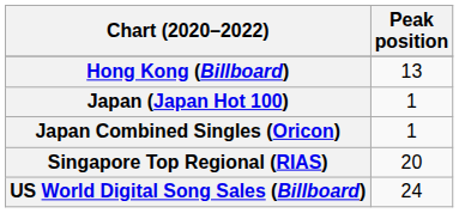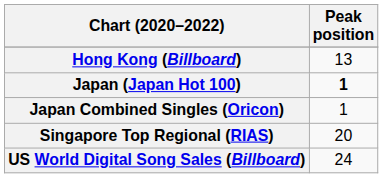 <table class="wikitable sortable plainrowheaders" style="text-align:center">
 <tr>
 <th scope="col">Chart (2020–2022)</th>
 <th scope="col">Peak<br>position</th>
 </tr>
 <tr>
 </tr>
 <tr>
 <th scope="row"><a href='#'>Hong Kong</a> (<em><a href='#'>Billboard</a></em>)</th>
 <td>13</td>
 </tr>
 <tr>
 <th scope="row">Japan (<a href='#'>Japan Hot 100</a>)</th>
-<td>1</td>
+<td><strong>1</strong></td>
 </tr>
 <tr>
 <th scope="row">Japan Combined Singles (<a href='#'>Oricon</a>)</th>
 <td>1</td>
 </tr>
 <tr>
 <th scope="row">Singapore Top Regional (<a href='#'>RIAS</a>)</th>
 <td>20</td>
 </tr>
 <tr>
 <th scope="row">US <a href='#'>World Digital Song Sales</a> (<em><a href='#'>Billboard</a></em>)</th>
 <td>24</td>
 </tr>
 </table>
